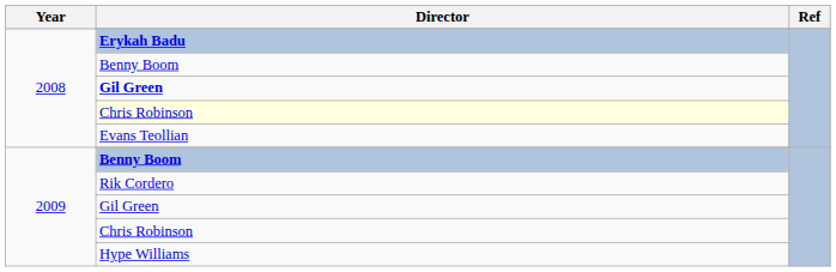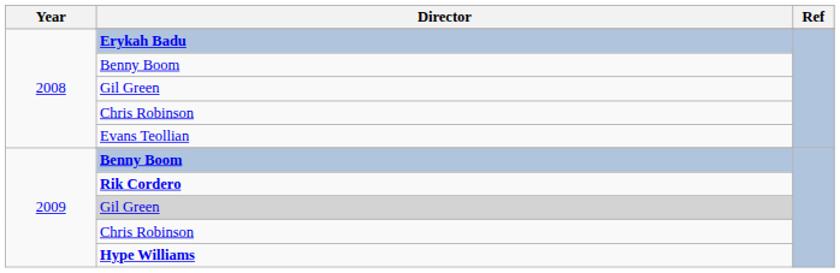 <table class="wikitable" style="width:100%;">
 <tr style="background:#bebebe;">
 <th style="width:11%;">Year</th>
 <th style="width:84%;">Director</th>
 <th style="width:5%;">Ref</th>
 </tr>
 <tr>
 <td rowspan="6" align="center"><a href='#'>2008</a></td>
 </tr>
 <tr style="background:#B0C4DE">
 <td><strong><a href='#'>Erykah Badu</a></strong></td>
 <td rowspan="6" align="center"></td>
 </tr>
 <tr>
 <td><a href='#'>Benny Boom</a></td>
 </tr>
 <tr>
-<td><strong><a href='#'>Gil Green</a></strong></td>
+<td><a href='#'>Gil Green</a></td>
 </tr>
 <tr>
-<td style="background: lightyellow;"><a href='#'>Chris Robinson</a></td>
+<td><a href='#'>Chris Robinson</a></td>
 </tr>
 <tr>
 <td><a href='#'>Evans Teollian</a></td>
 </tr>
 <tr>
 <td rowspan="6" align="center"><a href='#'>2009</a></td>
 </tr>
 <tr style="background:#B0C4DE">
 <td><strong><a href='#'>Benny Boom</a></strong></td>
 <td rowspan="6" align="center"></td>
 </tr>
 <tr>
-<td><a href='#'>Rik Cordero</a></td>
+<td><strong><a href='#'>Rik Cordero</a></strong></td>
 </tr>
 <tr>
-<td><a href='#'>Gil Green</a></td>
+<td style="background: lightgrey;"><a href='#'>Gil Green</a></td>
 </tr>
 <tr>
 <td><a href='#'>Chris Robinson</a></td>
 </tr>
 <tr>
-<td><a href='#'>Hype Williams</a></td>
+<td><strong><a href='#'>Hype Williams</a></strong></td>
 </tr>
 </table>
